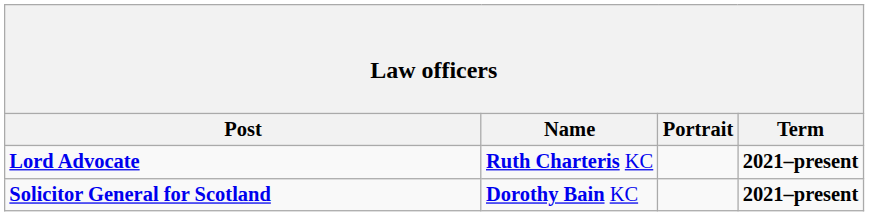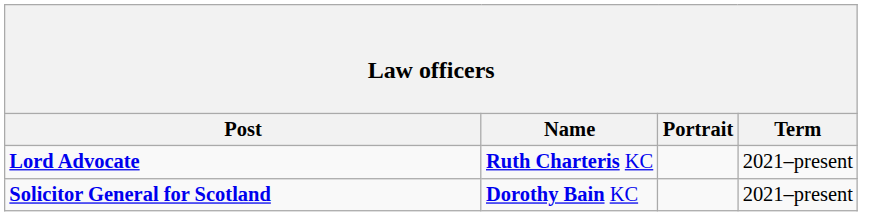 <table class="wikitable">
 <tr>
 <th colspan="4"><br><h3>Law officers</h3></th>
 </tr>
 <tr>
 <th style="width: 365px">Post</th>
 <th>Name</th>
 <th>Portrait</th>
 <th>Term</th>
 </tr>
 <tr>
 <td><strong><a href='#'>Lord Advocate</a></strong></td>
 <td><strong><a href='#'>Ruth Charteris</a></strong> <a href='#'>KC</a></td>
 <td></td>
-<td><strong>2021–present</strong></td>
+<td>2021–present</td>
 </tr>
 <tr>
 <td><strong><a href='#'>Solicitor General for Scotland</a></strong></td>
 <td> <strong><a href='#'>Dorothy Bain</a></strong> <a href='#'>KC</a></td>
 <td></td>
-<td><strong>2021–present</strong></td>
+<td>2021–present</td>
 </tr>
 </table>
